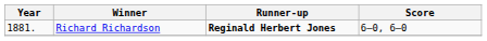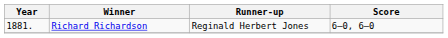 <table class="wikitable">
 <tr>
 <th style="width:60px;">Year</th>
 <th style="width:200px;">Winner</th>
 <th style="width:200px;">Runner-up</th>
 <th style="width:160px;">Score</th>
 </tr>
 <tr>
 <td>1881.</td>
 <td> <a href='#'>Richard Richardson</a></td>
-<td><strong> Reginald Herbert Jones</strong></td>
+<td> Reginald Herbert Jones</td>
 <td>6–0, 6–0</td>
 </tr>
 <tr>
 </tr>
 </table>
